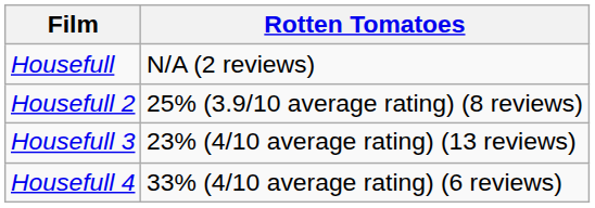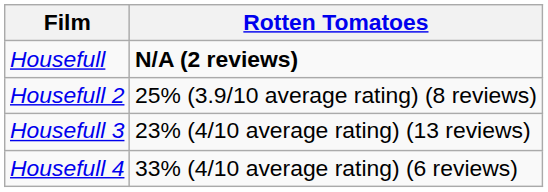 <table class="wikitable sortable">
 <tr>
 <th>Film</th>
 <th><a href='#'>Rotten Tomatoes</a></th>
 </tr>
 <tr>
 <td><em><a href='#'>Housefull</a></em></td>
-<td>N/A (2 reviews)</td>
+<td><strong>N/A (2 reviews)</strong></td>
 </tr>
 <tr>
 <td><em><a href='#'>Housefull 2</a></em></td>
 <td>25% (3.9/10 average rating) (8 reviews)</td>
 </tr>
 <tr>
 <td><a href='#'><em>Housefull 3</em></a></td>
 <td>23% (4/10 average rating) (13 reviews)</td>
 </tr>
 <tr>
 <td><em><a href='#'>Housefull 4</a></em></td>
 <td>33% (4/10 average rating) (6 reviews)</td>
 </tr>
 </table>
